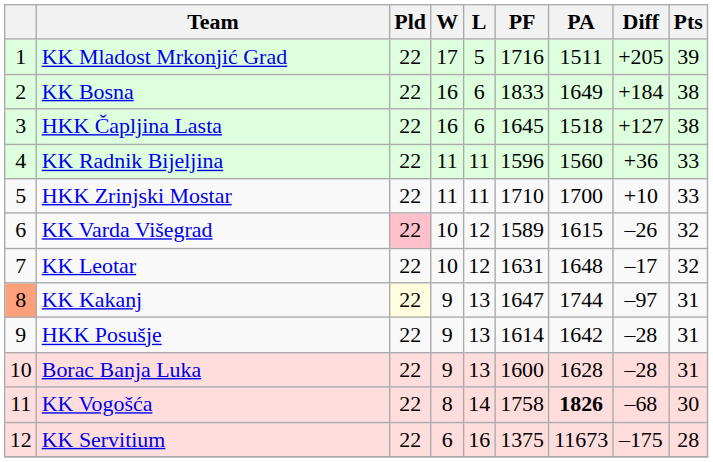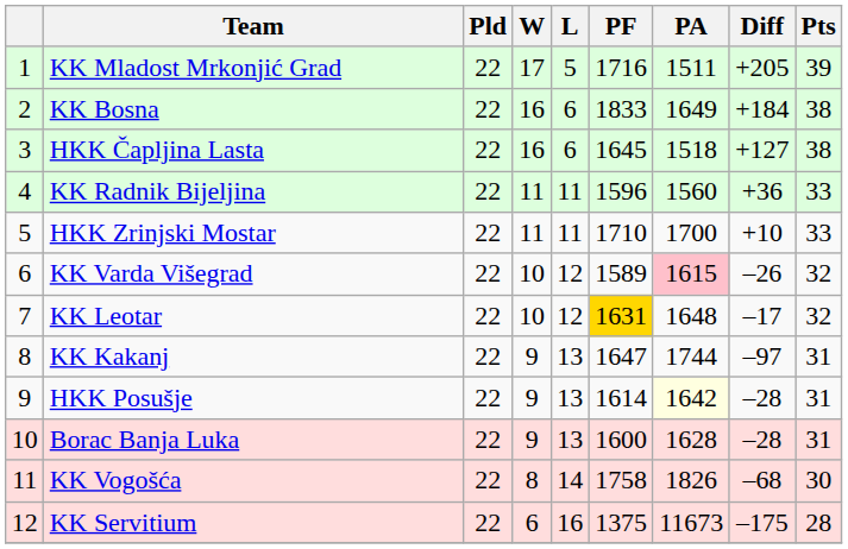 <table class="wikitable sortable" style="text-align:center">
 <tr>
 <th></th>
 <th width="250">Team</th>
 <th>Pld</th>
 <th>W</th>
 <th>L</th>
 <th>PF</th>
 <th>PA</th>
 <th>Diff</th>
 <th>Pts</th>
 </tr>
 <tr style="background: #ddffdd">
 <td>1</td>
 <td align=left><a href='#'>KK Mladost Mrkonjić Grad</a></td>
 <td>22</td>
 <td>17</td>
 <td>5</td>
 <td>1716</td>
 <td>1511</td>
 <td>+205</td>
 <td>39</td>
 </tr>
 <tr style="background: #ddffdd">
 <td>2</td>
 <td align=left><a href='#'>KK Bosna</a></td>
 <td>22</td>
 <td>16</td>
 <td>6</td>
 <td>1833</td>
 <td>1649</td>
 <td>+184</td>
 <td>38</td>
 </tr>
 <tr style="background: #ddffdd">
 <td>3</td>
 <td align=left><a href='#'>HKK Čapljina Lasta</a></td>
 <td>22</td>
 <td>16</td>
 <td>6</td>
 <td>1645</td>
 <td>1518</td>
 <td>+127</td>
 <td>38</td>
 </tr>
 <tr style="background: #ddffdd">
 <td>4</td>
 <td align=left><a href='#'>KK Radnik Bijeljina</a></td>
 <td>22</td>
 <td>11</td>
 <td>11</td>
 <td>1596</td>
 <td>1560</td>
 <td>+36</td>
 <td>33</td>
 </tr>
 <tr>
 <td>5</td>
 <td align=left><a href='#'>HKK Zrinjski Mostar</a></td>
 <td>22</td>
 <td>11</td>
 <td>11</td>
 <td>1710</td>
 <td>1700</td>
 <td>+10</td>
 <td>33</td>
 </tr>
 <tr>
 <td>6</td>
 <td align=left><a href='#'>KK Varda Višegrad</a></td>
-<td style="background: pink;">22</td>
+<td>22</td>
 <td>10</td>
 <td>12</td>
 <td>1589</td>
-<td>1615</td>
+<td style="background: pink;">1615</td>
 <td>–26</td>
 <td>32</td>
 </tr>
 <tr>
 <td>7</td>
 <td align=left><a href='#'>KK Leotar</a></td>
 <td>22</td>
 <td>10</td>
 <td>12</td>
-<td>1631</td>
+<td style="background: gold;">1631</td>
 <td>1648</td>
 <td>–17</td>
 <td>32</td>
 </tr>
 <tr>
-<td style="background: lightsalmon;">8</td>
+<td>8</td>
 <td align=left><a href='#'>KK Kakanj</a></td>
-<td style="background: lightyellow;">22</td>
+<td>22</td>
 <td>9</td>
 <td>13</td>
 <td>1647</td>
 <td>1744</td>
 <td>–97</td>
 <td>31</td>
 </tr>
 <tr>
 <td>9</td>
 <td align=left><a href='#'>HKK Posušje</a></td>
 <td>22</td>
 <td>9</td>
 <td>13</td>
 <td>1614</td>
-<td>1642</td>
+<td style="background: lightyellow;">1642</td>
 <td>–28</td>
 <td>31</td>
 </tr>
 <tr style="background: #ffdddd">
 <td>10</td>
 <td align=left><a href='#'>Borac Banja Luka</a></td>
 <td>22</td>
 <td>9</td>
 <td>13</td>
 <td>1600</td>
 <td>1628</td>
 <td>–28</td>
 <td>31</td>
 </tr>
 <tr style="background: #ffdddd">
 <td>11</td>
 <td align=left><a href='#'>KK Vogošća</a></td>
 <td>22</td>
 <td>8</td>
 <td>14</td>
 <td>1758</td>
-<td><strong>1826</strong></td>
+<td>1826</td>
 <td>–68</td>
 <td>30</td>
 </tr>
 <tr style="background: #ffdddd">
 <td>12</td>
 <td align=left><a href='#'>KK Servitium</a></td>
 <td>22</td>
 <td>6</td>
 <td>16</td>
 <td>1375</td>
 <td>11673</td>
 <td>–175</td>
 <td>28</td>
 </tr>
 <tr>
 </tr>
 </table>
